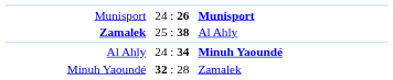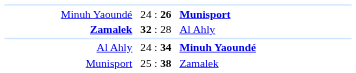 <table style="text-align:center" width=500>
 <tr>
 <th width=30%></th>
 <th width=10%></th>
 <th width=30%></th>
 <th width=10%></th>
 </tr>
 <tr align="left" bgcolor=#D0E7FF>
 <td colspan=4></td>
 </tr>
 <tr>
-<td align="right"><a href='#'>Munisport</a> </td>
+<td align="right"><a href='#'>Minuh Yaoundé</a> </td>
 <td>24 : <strong>26</strong></td>
 <td align=left> <strong><a href='#'>Munisport</a></strong></td>
 </tr>
 <tr>
 <td align="right"><strong><a href='#'>Zamalek</a></strong> </td>
-<td>25 : <strong>38</strong></td>
+<td><strong>32</strong> : 28</td>
 <td align=left> <a href='#'>Al Ahly</a></td>
 </tr>
 <tr align="left" bgcolor=#D0E7FF>
 <td colspan=4></td>
 </tr>
 <tr>
 <td align="right"><a href='#'>Al Ahly</a> </td>
 <td>24 : <strong>34</strong></td>
 <td align=left> <strong><a href='#'>Minuh Yaoundé</a></strong></td>
 </tr>
 <tr>
-<td align="right"><a href='#'>Minuh Yaoundé</a> </td>
-<td><strong>32</strong> : 28</td>
+<td align="right"><a href='#'>Munisport</a> </td>
+<td>25 : <strong>38</strong></td>
 <td align=left> <a href='#'>Zamalek</a></td>
 </tr>
 </table>
